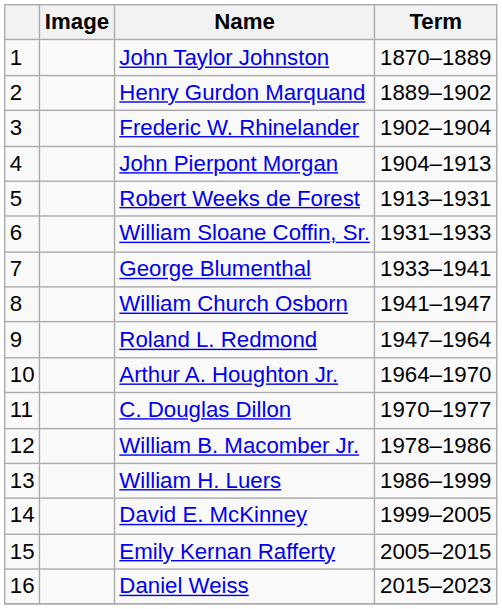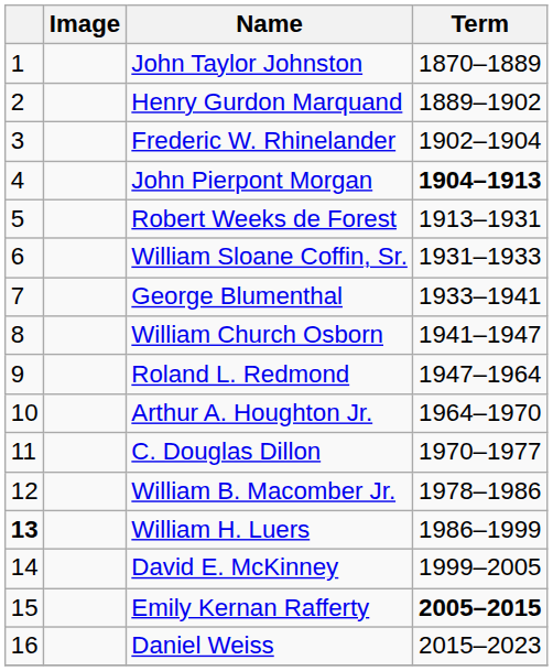 <table class="wikitable">
 <tr>
 <th></th>
 <th>Image</th>
 <th>Name</th>
 <th>Term</th>
 </tr>
 <tr>
 <td>1</td>
 <td></td>
 <td><a href='#'>John Taylor Johnston</a></td>
 <td>1870–1889</td>
 </tr>
 <tr>
 <td>2</td>
 <td></td>
 <td><a href='#'>Henry Gurdon Marquand</a></td>
 <td>1889–1902</td>
 </tr>
 <tr>
 <td>3</td>
 <td></td>
 <td><a href='#'>Frederic W. Rhinelander</a></td>
 <td>1902–1904</td>
 </tr>
 <tr>
 <td>4</td>
 <td></td>
 <td><a href='#'>John Pierpont Morgan</a></td>
-<td>1904–1913</td>
+<td><strong>1904–1913</strong></td>
 </tr>
 <tr>
 <td>5</td>
 <td></td>
 <td><a href='#'>Robert Weeks de Forest</a></td>
 <td>1913–1931</td>
 </tr>
 <tr>
 <td>6</td>
 <td></td>
 <td><a href='#'>William Sloane Coffin, Sr.</a></td>
 <td>1931–1933</td>
 </tr>
 <tr>
 <td>7</td>
 <td></td>
 <td><a href='#'>George Blumenthal</a></td>
 <td>1933–1941</td>
 </tr>
 <tr>
 <td>8</td>
 <td></td>
 <td><a href='#'>William Church Osborn</a></td>
 <td>1941–1947</td>
 </tr>
 <tr>
 <td>9</td>
 <td></td>
 <td><a href='#'>Roland L. Redmond</a></td>
 <td>1947–1964</td>
 </tr>
 <tr>
 <td>10</td>
 <td></td>
 <td><a href='#'>Arthur A. Houghton Jr.</a></td>
 <td>1964–1970</td>
 </tr>
 <tr>
 <td>11</td>
 <td></td>
 <td><a href='#'>C. Douglas Dillon</a></td>
 <td>1970–1977</td>
 </tr>
 <tr>
 <td>12</td>
 <td></td>
 <td><a href='#'>William B. Macomber Jr.</a></td>
 <td>1978–1986</td>
 </tr>
 <tr>
-<td>13</td>
+<td><strong>13</strong></td>
 <td></td>
 <td><a href='#'>William H. Luers</a></td>
 <td>1986–1999</td>
 </tr>
 <tr>
 <td>14</td>
 <td></td>
 <td><a href='#'>David E. McKinney</a></td>
 <td>1999–2005</td>
 </tr>
 <tr>
 <td>15</td>
 <td></td>
 <td><a href='#'>Emily Kernan Rafferty</a></td>
-<td>2005–2015</td>
+<td><strong>2005–2015</strong></td>
 </tr>
 <tr>
 <td>16</td>
 <td></td>
 <td><a href='#'>Daniel Weiss</a></td>
 <td>2015–2023</td>
 </tr>
 <tr>
 </tr>
 </table>
